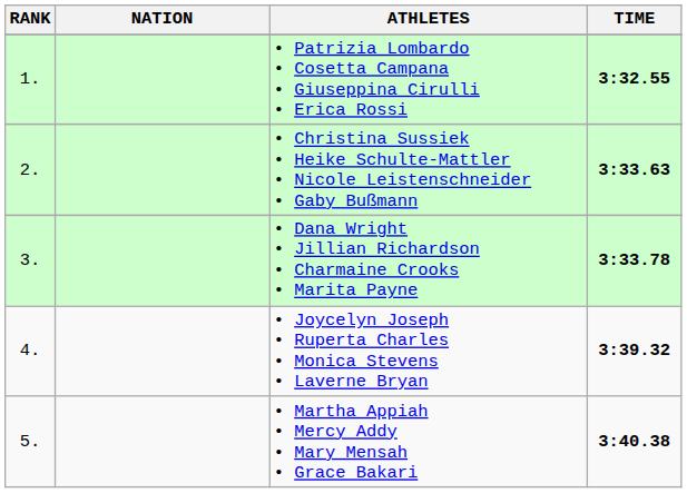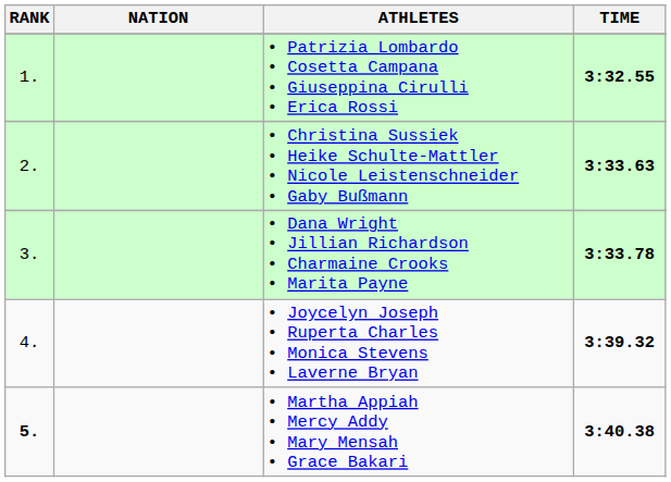 <table class="wikitable" style="border-collapse: collapse; font-size: 90%;">
 <tr>
 <th>RANK</th>
 <th style="width: 12em">NATION</th>
 <th style="width: 18em">ATHLETES</th>
 <th style="width: 5em">TIME</th>
 </tr>
 <tr>
 </tr>
 <tr style="background:#ccffcc;">
 <td align="center">1.</td>
 <td align="center"></td>
 <td>• <a href='#'>Patrizia Lombardo</a><br>• <a href='#'>Cosetta Campana</a><br>• <a href='#'>Giuseppina Cirulli</a><br>• <a href='#'>Erica Rossi</a></td>
 <td align="center"><strong>3:32.55</strong></td>
 </tr>
 <tr>
 </tr>
 <tr style="background:#ccffcc;">
 <td align="center">2.</td>
 <td align="center"></td>
 <td>• <a href='#'>Christina Sussiek</a><br>• <a href='#'>Heike Schulte-Mattler</a><br>• <a href='#'>Nicole Leistenschneider</a><br>• <a href='#'>Gaby Bußmann</a></td>
 <td align="center"><strong>3:33.63</strong></td>
 </tr>
 <tr>
 </tr>
 <tr style="background:#ccffcc;">
 <td align="center">3.</td>
 <td align="center"></td>
 <td>• <a href='#'>Dana Wright</a><br>• <a href='#'>Jillian Richardson</a><br>• <a href='#'>Charmaine Crooks</a><br>• <a href='#'>Marita Payne</a></td>
 <td align="center"><strong>3:33.78</strong></td>
 </tr>
 <tr>
 <td align="center">4.</td>
 <td align="center"></td>
 <td>• <a href='#'>Joycelyn Joseph</a><br>• <a href='#'>Ruperta Charles</a><br>• <a href='#'>Monica Stevens</a><br>• <a href='#'>Laverne Bryan</a></td>
 <td align="center"><strong>3:39.32</strong></td>
 </tr>
 <tr>
-<td align="center">5.</td>
+<td align="center"><strong>5.</strong></td>
 <td align="center"></td>
 <td>• <a href='#'>Martha Appiah</a><br>• <a href='#'>Mercy Addy</a><br>• <a href='#'>Mary Mensah</a><br>• <a href='#'>Grace Bakari</a></td>
 <td align="center"><strong>3:40.38</strong></td>
 </tr>
 </table>
